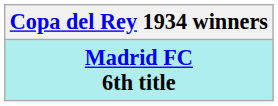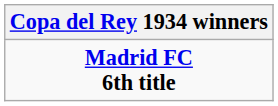 <table class="wikitable" style="text-align: center; margin: 0 auto;">
 <tr>
 <th><a href='#'>Copa del Rey</a> 1934 winners</th>
 </tr>
 <tr>
-<td style="background: paleturquoise;"><strong><a href='#'>Madrid FC</a></strong><br><strong>6th title</strong></td>
+<td><strong><a href='#'>Madrid FC</a></strong><br><strong>6th title</strong></td>
 </tr>
 </table>
